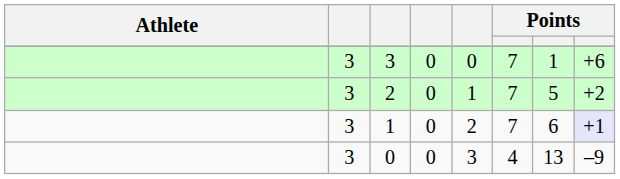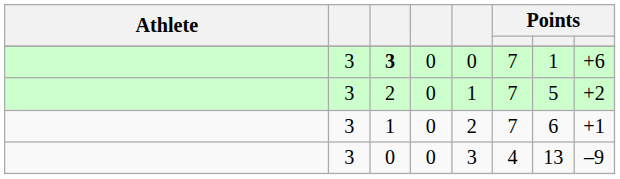 <table class="wikitable" style="text-align: center; font-size:100% ">
 <tr>
 <th rowspan=2 width=250>Athlete</th>
 <th rowspan=2 width=25></th>
 <th rowspan=2 width=25></th>
 <th rowspan=2 width=25></th>
 <th rowspan=2 width=25></th>
 <th colspan=3>Points</th>
 </tr>
 <tr>
 <th width=25></th>
 <th width=25></th>
 <th width=25></th>
 </tr>
 <tr bgcolor="ccffcc">
 </tr>
 <tr bgcolor="ccffcc">
 <td align=left></td>
 <td>3</td>
-<td>3</td>
+<td><strong>3</strong></td>
 <td>0</td>
 <td>0</td>
 <td>7</td>
 <td>1</td>
 <td>+6</td>
 </tr>
 <tr bgcolor="ccffcc">
 <td align=left></td>
 <td>3</td>
 <td>2</td>
 <td>0</td>
 <td>1</td>
 <td>7</td>
 <td>5</td>
 <td>+2</td>
 </tr>
 <tr>
 <td align=left></td>
 <td>3</td>
 <td>1</td>
 <td>0</td>
 <td>2</td>
 <td>7</td>
 <td>6</td>
-<td style="background: lavender;">+1</td>
+<td>+1</td>
 </tr>
 <tr>
 <td align=left></td>
 <td>3</td>
 <td>0</td>
 <td>0</td>
 <td>3</td>
 <td>4</td>
 <td>13</td>
 <td>–9</td>
 </tr>
 </table>
